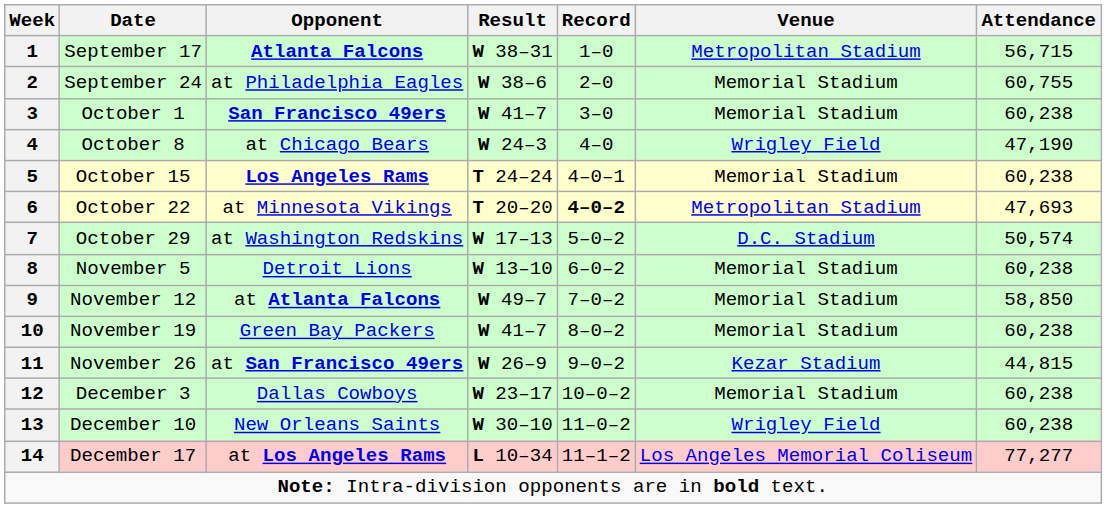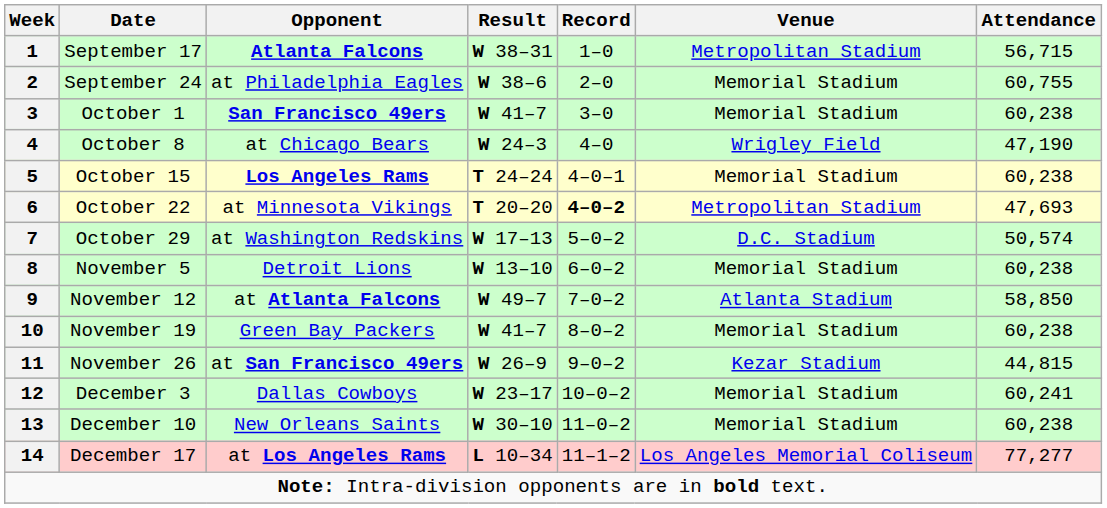 <table class="wikitable" style="text-align:center">
 <tr>
 <th>Week</th>
 <th>Date</th>
 <th>Opponent</th>
 <th>Result</th>
 <th>Record</th>
 <th>Venue</th>
 <th>Attendance</th>
 </tr>
 <tr style="background:#cfc">
 <th>1</th>
 <td>September 17</td>
 <td><strong><a href='#'>Atlanta Falcons</a></strong></td>
 <td><strong>W</strong> 38–31</td>
 <td>1–0</td>
 <td><a href='#'>Metropolitan Stadium</a></td>
 <td>56,715</td>
 </tr>
 <tr style="background:#cfc">
 <th>2</th>
 <td>September 24</td>
 <td>at <a href='#'>Philadelphia Eagles</a></td>
 <td><strong>W</strong> 38–6</td>
 <td>2–0</td>
 <td>Memorial Stadium</td>
 <td>60,755</td>
 </tr>
 <tr style="background:#cfc">
 <th>3</th>
 <td>October 1</td>
 <td><strong><a href='#'>San Francisco 49ers</a></strong></td>
 <td><strong>W</strong> 41–7</td>
 <td>3–0</td>
 <td>Memorial Stadium</td>
 <td>60,238</td>
 </tr>
 <tr style="background:#cfc">
 <th>4</th>
 <td>October 8</td>
 <td>at <a href='#'>Chicago Bears</a></td>
 <td><strong>W</strong> 24–3</td>
 <td>4–0</td>
 <td><a href='#'>Wrigley Field</a></td>
 <td>47,190</td>
 </tr>
 <tr style="background:#ffc">
 <th>5</th>
 <td>October 15</td>
 <td><strong><a href='#'>Los Angeles Rams</a></strong></td>
 <td><strong>T</strong> 24–24</td>
 <td>4–0–1</td>
 <td>Memorial Stadium</td>
 <td>60,238</td>
 </tr>
 <tr style="background:#ffc">
 <th>6</th>
 <td>October 22</td>
 <td>at <a href='#'>Minnesota Vikings</a></td>
 <td><strong>T</strong> 20–20</td>
 <td><strong>4–0–2</strong></td>
 <td><a href='#'>Metropolitan Stadium</a></td>
 <td>47,693</td>
 </tr>
 <tr style="background:#cfc">
 <th>7</th>
 <td>October 29</td>
 <td>at <a href='#'>Washington Redskins</a></td>
 <td><strong>W</strong> 17–13</td>
 <td>5–0–2</td>
 <td><a href='#'>D.C. Stadium</a></td>
 <td>50,574</td>
 </tr>
 <tr style="background:#cfc">
 <th>8</th>
 <td>November 5</td>
 <td><a href='#'>Detroit Lions</a></td>
 <td><strong>W</strong> 13–10</td>
 <td>6–0–2</td>
 <td>Memorial Stadium</td>
 <td>60,238</td>
 </tr>
 <tr style="background:#cfc">
 <th>9</th>
 <td>November 12</td>
 <td>at <strong><a href='#'>Atlanta Falcons</a></strong></td>
 <td><strong>W</strong> 49–7</td>
 <td>7–0–2</td>
-<td>Memorial Stadium</td>
+<td><a href='#'>Atlanta Stadium</a></td>
 <td>58,850</td>
 </tr>
 <tr style="background:#cfc">
 <th>10</th>
 <td>November 19</td>
 <td><a href='#'>Green Bay Packers</a></td>
 <td><strong>W</strong> 41–7</td>
 <td>8–0–2</td>
 <td>Memorial Stadium</td>
 <td>60,238</td>
 </tr>
 <tr style="background:#cfc">
 <th>11</th>
 <td>November 26</td>
 <td>at <strong><a href='#'>San Francisco 49ers</a></strong></td>
 <td><strong>W</strong> 26–9</td>
 <td>9–0–2</td>
 <td><a href='#'>Kezar Stadium</a></td>
 <td>44,815</td>
 </tr>
 <tr style="background:#cfc">
 <th>12</th>
 <td>December 3</td>
 <td><a href='#'>Dallas Cowboys</a></td>
 <td><strong>W</strong> 23–17</td>
 <td>10–0–2</td>
 <td>Memorial Stadium</td>
-<td>60,238</td>
+<td>60,241</td>
 </tr>
 <tr style="background:#cfc">
 <th>13</th>
 <td>December 10</td>
 <td><a href='#'>New Orleans Saints</a></td>
 <td><strong>W</strong> 30–10</td>
 <td>11–0–2</td>
-<td><a href='#'>Wrigley Field</a></td>
+<td>Memorial Stadium</td>
 <td>60,238</td>
 </tr>
 <tr style="background:#fcc">
 <th>14</th>
 <td>December 17</td>
 <td>at <strong><a href='#'>Los Angeles Rams</a></strong></td>
 <td><strong>L</strong> 10–34</td>
 <td>11–1–2</td>
 <td><a href='#'>Los Angeles Memorial Coliseum</a></td>
 <td>77,277</td>
 </tr>
 <tr>
 <td colspan="8"><strong>Note:</strong> Intra-division opponents are in <strong>bold</strong> text.</td>
 </tr>
 </table>
